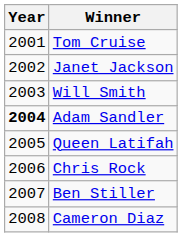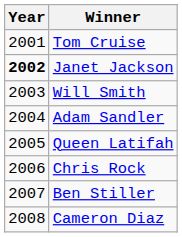 <table class="wikitable">
 <tr>
 <th>Year</th>
 <th>Winner</th>
 </tr>
 <tr>
 <td>2001</td>
 <td><a href='#'>Tom Cruise</a></td>
 </tr>
 <tr>
-<td>2002</td>
+<td><strong>2002</strong></td>
 <td><a href='#'>Janet Jackson</a></td>
 </tr>
 <tr>
 <td>2003</td>
 <td><a href='#'>Will Smith</a></td>
 </tr>
 <tr>
-<td><strong>2004</strong></td>
+<td>2004</td>
 <td><a href='#'>Adam Sandler</a></td>
 </tr>
 <tr>
 <td>2005</td>
 <td><a href='#'>Queen Latifah</a></td>
 </tr>
 <tr>
 <td>2006</td>
 <td><a href='#'>Chris Rock</a></td>
 </tr>
 <tr>
 <td>2007</td>
 <td><a href='#'>Ben Stiller</a></td>
 </tr>
 <tr>
 <td>2008</td>
 <td><a href='#'>Cameron Diaz</a></td>
 </tr>
 </table>
